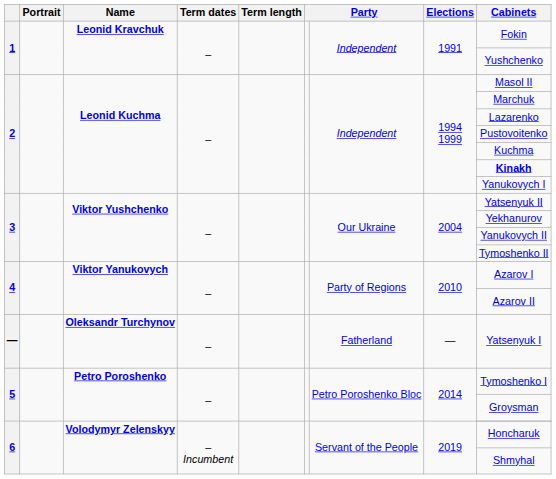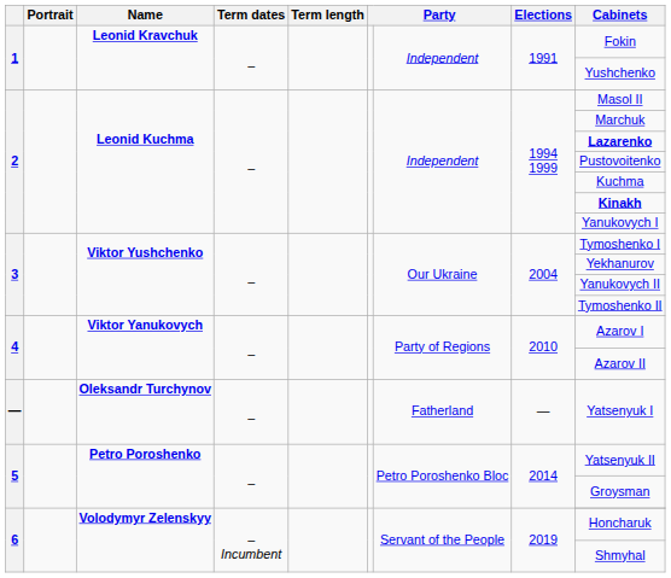 <table class="wikitable sortable sticky-header" style=text-align:center; id="Table of presidents of Ukraine" caption="Tabulated list of presidents of Ukraine since 1991">
 <tr>
 <th scope=col></th>
 <th scope=col class=unsortable>Portrait</th>
 <th scope=col>Name<br></th>
 <th scope=col class=unsortable>Term dates</th>
 <th scope=col>Term length</th>
 <th colspan="2" scope="col"><a href='#'>Party</a></th>
 <th scope=col class=unsortable><a href='#'>Elections</a></th>
 <th scope=col class=unsortable><a href='#'>Cabinets</a></th>
 </tr>
 <tr>
 <th scope=row rowspan=2><a href='#'>1</a></th>
 <td rowspan=2></td>
 <td data-sort-value="Kravchuk, Leonid" rowspan=2><strong><a href='#'>Leonid Kravchuk</a></strong><br><br><br><br></td>
 <td rowspan=2><br>–<br></td>
 <td rowspan=2></td>
 <td rowspan=2 style="background-color:"></td>
 <td rowspan=2><em><a href='#'>Independent</a></em></td>
 <td rowspan=2 class=nowrap><a href='#'>1991</a></td>
 <td><a href='#'>Fokin</a><br></td>
 </tr>
 <tr>
 <td><a href='#'>Yushchenko</a><br></td>
 </tr>
 <tr>
 <th scope=row rowspan=7><a href='#'>2</a></th>
 <td rowspan=7></td>
 <td data-sort-value="Kuchma, Leonid" rowspan=7><strong><a href='#'>Leonid Kuchma</a></strong><br><br><br><br></td>
 <td rowspan=7><br>–<br></td>
 <td rowspan=7></td>
 <td rowspan=7 style="background-color:"></td>
 <td rowspan=7><em><a href='#'>Independent</a></em></td>
 <td rowspan=7 class=nowrap><a href='#'>1994</a><br><a href='#'>1999</a></td>
 <td><a href='#'>Masol II</a><br></td>
 </tr>
 <tr>
 <td><a href='#'>Marchuk</a><br></td>
 </tr>
 <tr>
-<td><a href='#'>Lazarenko</a><br></td>
+<td><strong><a href='#'>Lazarenko</a><br></strong></td>
 </tr>
 <tr>
 <td><a href='#'>Pustovoitenko</a><br></td>
 </tr>
 <tr>
 <td><a href='#'>Kuchma</a><br></td>
 </tr>
 <tr>
 <td><strong><a href='#'>Kinakh</a><br></strong></td>
 </tr>
 <tr>
 <td><a href='#'>Yanukovych I</a><br></td>
 </tr>
 <tr>
 <th scope=row rowspan=4><a href='#'>3</a></th>
 <td rowspan=4></td>
 <td rowspan=4 data-sort-value="Yushchenko, Viktor"><strong><a href='#'>Viktor Yushchenko</a></strong><br><br><br><br></td>
 <td rowspan=4><br>–<br></td>
 <td rowspan=4></td>
 <td rowspan=4 style="background-color:"></td>
 <td rowspan=4><a href='#'>Our Ukraine</a></td>
 <td rowspan=4 class=nowrap><a href='#'>2004</a></td>
-<td><a href='#'>Yatsenyuk II</a><br></td>
+<td><a href='#'>Tymoshenko I</a><br></td>
 </tr>
 <tr>
 <td><a href='#'>Yekhanurov</a><br></td>
 </tr>
 <tr>
 <td><a href='#'>Yanukovych II</a><br></td>
 </tr>
 <tr>
 <td><a href='#'>Tymoshenko II</a><br></td>
 </tr>
 <tr>
 <th scope=row rowspan=2><a href='#'>4</a></th>
 <td rowspan=2></td>
 <td rowspan=2 data-sort-value="Yanukovych, Viktor"><strong><a href='#'>Viktor Yanukovych</a></strong><br><br><br><br></td>
 <td rowspan=2><br>–<br></td>
 <td rowspan=2></td>
 <td rowspan=2 style="background-color:"></td>
 <td rowspan=2><a href='#'>Party of Regions</a></td>
 <td rowspan=2 class=nowrap><a href='#'>2010</a></td>
 <td><a href='#'>Azarov I</a><br></td>
 </tr>
 <tr>
 <td><a href='#'>Azarov II</a><br></td>
 </tr>
 <tr>
 <th scope=row>—</th>
 <td></td>
 <td data-sort-value="Turchynov, Oleksandr"><strong><a href='#'>Oleksandr Turchynov</a></strong><br><br><br><br></td>
 <td><br>–<br></td>
 <td></td>
 <td style="background-color:"></td>
 <td><a href='#'>Fatherland</a></td>
 <td class=nowrap>—</td>
 <td><a href='#'>Yatsenyuk I</a><br></td>
 </tr>
 <tr>
 <th scope=row rowspan=2><a href='#'>5</a></th>
 <td rowspan=2></td>
 <td rowspan=2 data-sort-value="Poroshenko, Petro"><strong><a href='#'>Petro Poroshenko</a></strong><br><br><br><br></td>
 <td rowspan=2><br>–<br></td>
 <td rowspan=2></td>
 <td rowspan=2 style="background-color:"></td>
 <td rowspan=2><a href='#'>Petro Poroshenko Bloc</a></td>
 <td rowspan=2 class=nowrap><a href='#'>2014</a></td>
-<td><a href='#'>Tymoshenko I</a><br></td>
+<td><a href='#'>Yatsenyuk II</a><br></td>
 </tr>
 <tr>
 <td rowspan=1><a href='#'>Groysman</a><br></td>
 </tr>
 <tr>
 <th scope=row rowspan=3><a href='#'>6</a></th>
 <td rowspan=3></td>
 <td rowspan=3 data-sort-value="Zelenskyy, Volodymyr"><strong><a href='#'>Volodymyr Zelenskyy</a></strong><br><br><br><br></td>
 <td rowspan=3><br>–<br><em>Incumbent</em></td>
 <td rowspan=3></td>
 <td rowspan=3 style="background-color:"></td>
 <td rowspan=3><a href='#'>Servant of the People</a></td>
 <td rowspan=3 class=nowrap><a href='#'>2019</a><br></td>
 </tr>
 <tr>
 <td><a href='#'>Honcharuk</a><br></td>
 </tr>
 <tr>
 <td><a href='#'>Shmyhal</a><br></td>
 </tr>
 </table>
